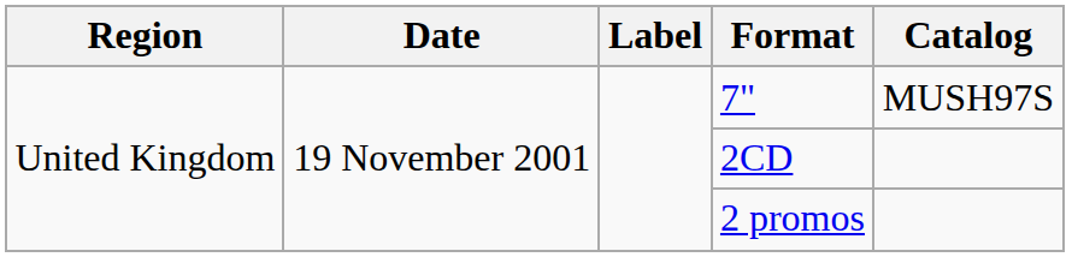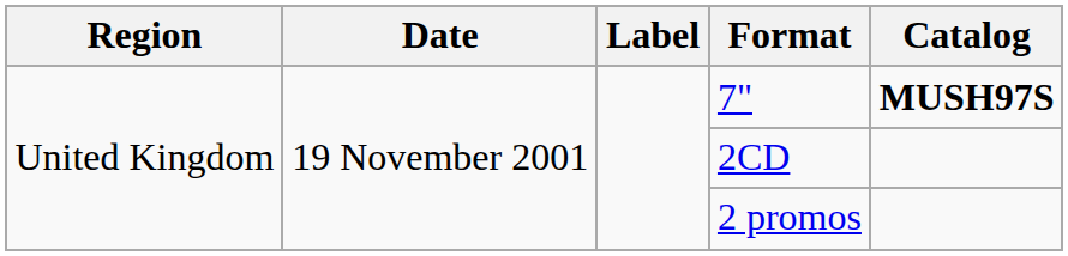 <table class="wikitable">
 <tr>
 <th>Region</th>
 <th>Date</th>
 <th>Label</th>
 <th>Format</th>
 <th>Catalog</th>
 </tr>
 <tr>
 <td rowspan="3">United Kingdom</td>
 <td rowspan="3">19 November 2001</td>
 <td rowspan="3"></td>
 <td><a href='#'>7"</a></td>
-<td>MUSH97S</td>
+<td><strong>MUSH97S</strong></td>
 </tr>
 <tr>
 <td><a href='#'>2CD</a></td>
 <td></td>
 </tr>
 <tr>
 <td><a href='#'>2 promos</a></td>
 <td></td>
 </tr>
 </table>
